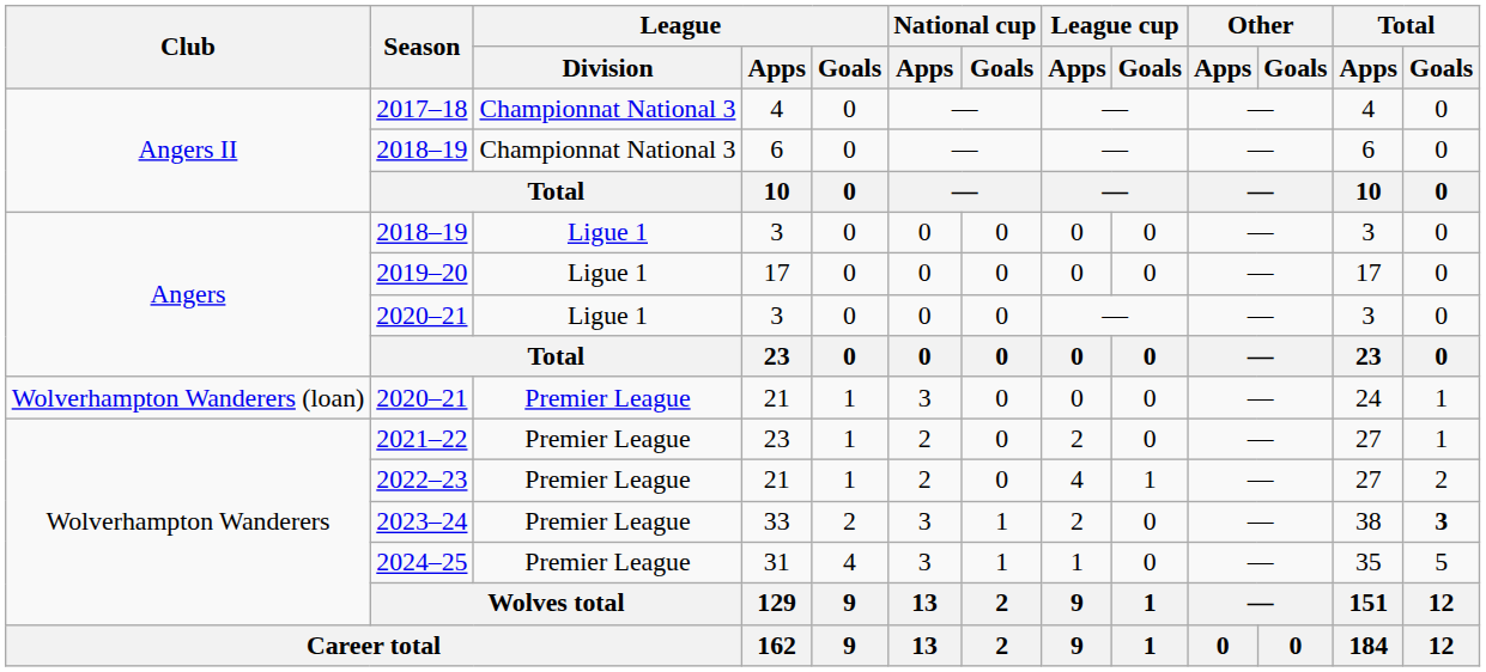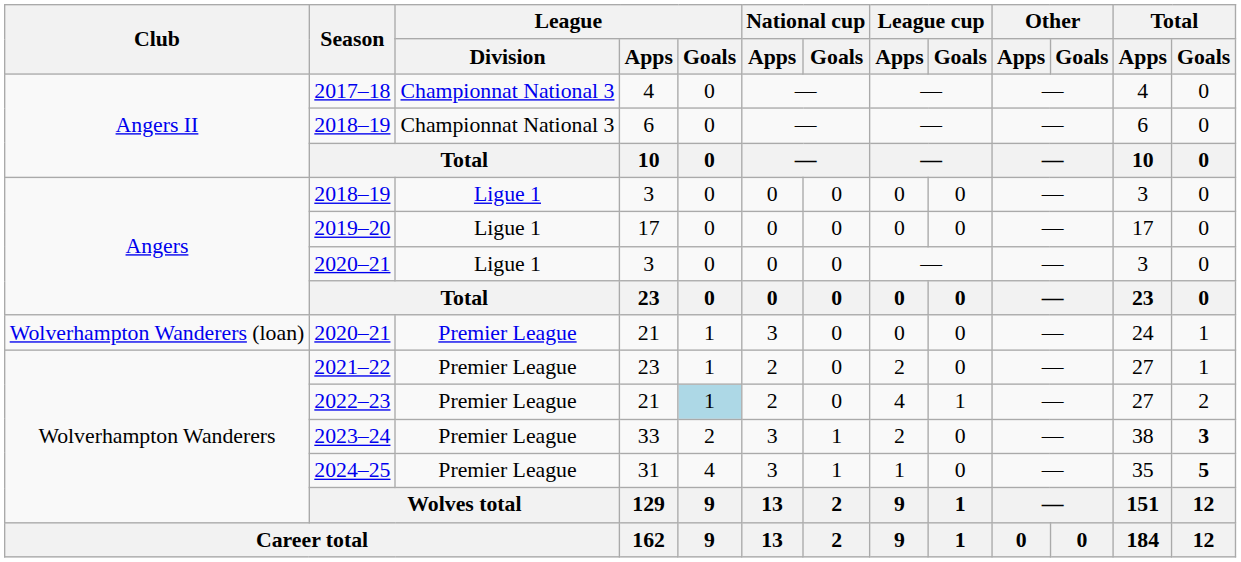 <table class="wikitable" style="text-align:center">
 <tr>
 <th rowspan="2">Club</th>
 <th rowspan="2">Season</th>
 <th colspan="3">League</th>
 <th colspan="2">National cup</th>
 <th colspan="2">League cup</th>
 <th colspan="2">Other</th>
 <th colspan="2">Total</th>
 </tr>
 <tr>
 <th>Division</th>
 <th>Apps</th>
 <th>Goals</th>
 <th>Apps</th>
 <th>Goals</th>
 <th>Apps</th>
 <th>Goals</th>
 <th>Apps</th>
 <th>Goals</th>
 <th>Apps</th>
 <th>Goals</th>
 </tr>
 <tr>
 <td rowspan="3"><a href='#'>Angers II</a></td>
 <td><a href='#'>2017–18</a></td>
 <td><a href='#'>Championnat National 3</a></td>
 <td>4</td>
 <td>0</td>
 <td colspan="2">—</td>
 <td colspan="2">—</td>
 <td colspan="2">—</td>
 <td>4</td>
 <td>0</td>
 </tr>
 <tr>
 <td><a href='#'>2018–19</a></td>
 <td>Championnat National 3</td>
 <td>6</td>
 <td>0</td>
 <td colspan="2">—</td>
 <td colspan="2">—</td>
 <td colspan="2">—</td>
 <td>6</td>
 <td>0</td>
 </tr>
 <tr>
 <th colspan="2">Total</th>
 <th>10</th>
 <th>0</th>
 <th colspan="2">—</th>
 <th colspan="2">—</th>
 <th colspan="2">—</th>
 <th>10</th>
 <th>0</th>
 </tr>
 <tr>
 <td rowspan="4"><a href='#'>Angers</a></td>
 <td><a href='#'>2018–19</a></td>
 <td><a href='#'>Ligue 1</a></td>
 <td>3</td>
 <td>0</td>
 <td>0</td>
 <td>0</td>
 <td>0</td>
 <td>0</td>
 <td colspan="2">—</td>
 <td>3</td>
 <td>0</td>
 </tr>
 <tr>
 <td><a href='#'>2019–20</a></td>
 <td>Ligue 1</td>
 <td>17</td>
 <td>0</td>
 <td>0</td>
 <td>0</td>
 <td>0</td>
 <td>0</td>
 <td colspan="2">—</td>
 <td>17</td>
 <td>0</td>
 </tr>
 <tr>
 <td><a href='#'>2020–21</a></td>
 <td>Ligue 1</td>
 <td>3</td>
 <td>0</td>
 <td>0</td>
 <td>0</td>
 <td colspan="2">—</td>
 <td colspan="2">—</td>
 <td>3</td>
 <td>0</td>
 </tr>
 <tr>
 <th colspan="2">Total</th>
 <th>23</th>
 <th>0</th>
 <th>0</th>
 <th>0</th>
 <th>0</th>
 <th>0</th>
 <th colspan="2">—</th>
 <th>23</th>
 <th>0</th>
 </tr>
 <tr>
 <td><a href='#'>Wolverhampton Wanderers</a> (loan)</td>
 <td><a href='#'>2020–21</a></td>
 <td><a href='#'>Premier League</a></td>
 <td>21</td>
 <td>1</td>
 <td>3</td>
 <td>0</td>
 <td>0</td>
 <td>0</td>
 <td colspan="2">—</td>
 <td>24</td>
 <td>1</td>
 </tr>
 <tr>
 <td rowspan="5">Wolverhampton Wanderers</td>
 <td><a href='#'>2021–22</a></td>
 <td>Premier League</td>
 <td>23</td>
 <td>1</td>
 <td>2</td>
 <td>0</td>
 <td>2</td>
 <td>0</td>
 <td colspan="2">—</td>
 <td>27</td>
 <td>1</td>
 </tr>
 <tr>
 <td><a href='#'>2022–23</a></td>
 <td>Premier League</td>
 <td>21</td>
-<td>1</td>
+<td style="background: lightblue;">1</td>
 <td>2</td>
 <td>0</td>
 <td>4</td>
 <td>1</td>
 <td colspan="2">—</td>
 <td>27</td>
 <td>2</td>
 </tr>
 <tr>
 <td><a href='#'>2023–24</a></td>
 <td>Premier League</td>
 <td>33</td>
 <td>2</td>
 <td>3</td>
 <td>1</td>
 <td>2</td>
 <td>0</td>
 <td colspan="2">—</td>
 <td>38</td>
 <td><strong>3</strong></td>
 </tr>
 <tr>
 <td><a href='#'>2024–25</a></td>
 <td>Premier League</td>
 <td>31</td>
 <td>4</td>
 <td>3</td>
 <td>1</td>
 <td>1</td>
 <td>0</td>
 <td colspan="2">—</td>
 <td>35</td>
-<td>5</td>
+<td><strong>5</strong></td>
 </tr>
 <tr>
 <th colspan="2">Wolves total</th>
 <th>129</th>
 <th>9</th>
 <th>13</th>
 <th>2</th>
 <th>9</th>
 <th>1</th>
 <th colspan="2">—</th>
 <th>151</th>
 <th>12</th>
 </tr>
 <tr>
 <th colspan="3">Career total</th>
 <th>162</th>
 <th>9</th>
 <th>13</th>
 <th>2</th>
 <th>9</th>
 <th>1</th>
 <th>0</th>
 <th>0</th>
 <th>184</th>
 <th>12</th>
 </tr>
 </table>
